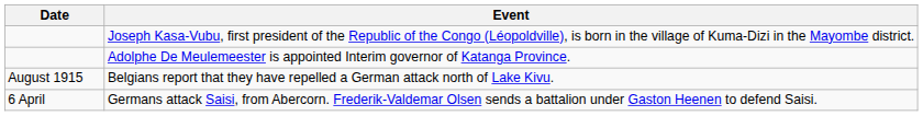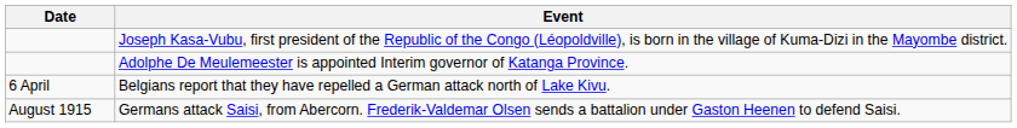 <table class=wikitable>
 <tr>
 <th style="width:7em">Date</th>
 <th>Event</th>
 </tr>
 <tr>
 <td></td>
 <td><a href='#'>Joseph Kasa-Vubu</a>, first president of the <a href='#'>Republic of the Congo (Léopoldville)</a>, is born in the village of Kuma-Dizi in the <a href='#'>Mayombe</a> district.</td>
 </tr>
 <tr>
 <td></td>
 <td><a href='#'>Adolphe De Meulemeester</a> is appointed Interim governor of <a href='#'>Katanga Province</a>.</td>
 </tr>
 <tr>
-<td>August 1915</td>
+<td>6 April</td>
 <td>Belgians report that they have repelled a German attack north of <a href='#'>Lake Kivu</a>.</td>
 </tr>
 <tr>
-<td>6 April</td>
+<td>August 1915</td>
 <td>Germans attack <a href='#'>Saisi</a>,  from Abercorn. <a href='#'>Frederik-Valdemar Olsen</a> sends a battalion under <a href='#'>Gaston Heenen</a> to defend Saisi.</td>
 </tr>
 </table>
